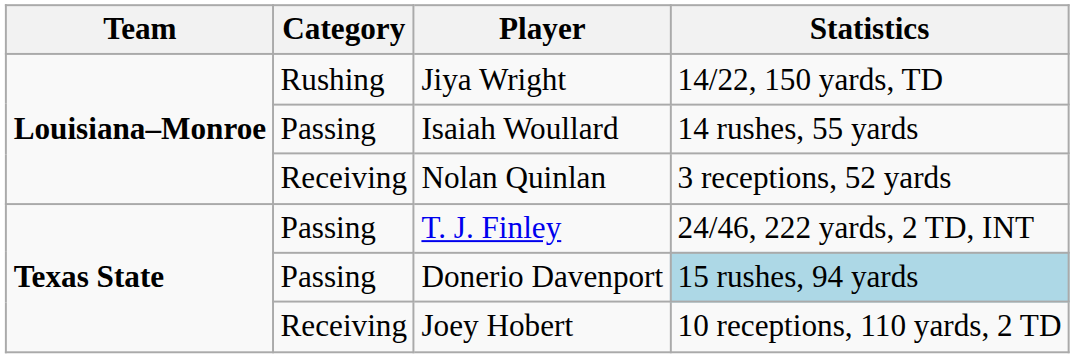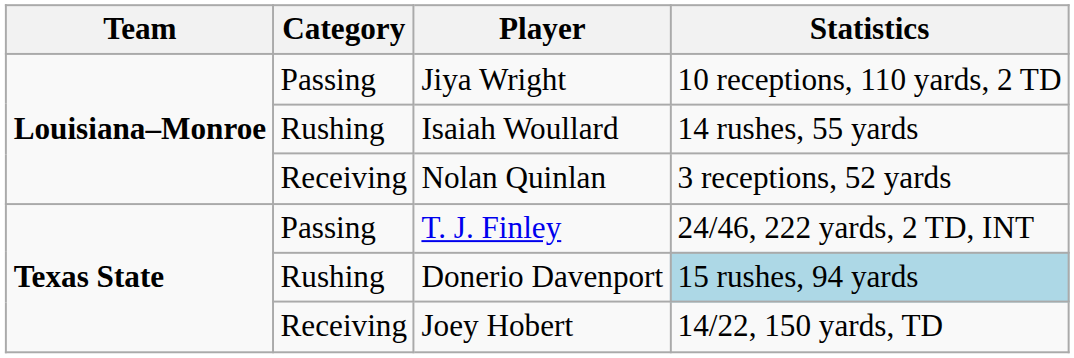 <table class="wikitable" style="float: right;">
 <tr>
 <th>Team</th>
 <th>Category</th>
 <th>Player</th>
 <th>Statistics</th>
 </tr>
 <tr>
 <td rowspan=3><strong>Louisiana–Monroe</strong></td>
-<td>Rushing</td>
+<td>Passing</td>
 <td>Jiya Wright</td>
-<td>14/22, 150 yards, TD</td>
+<td>10 receptions, 110 yards, 2 TD</td>
 </tr>
 <tr>
-<td>Passing</td>
+<td>Rushing</td>
 <td>Isaiah Woullard</td>
 <td>14 rushes, 55 yards</td>
 </tr>
 <tr>
 <td>Receiving</td>
 <td>Nolan Quinlan</td>
 <td>3 receptions, 52 yards</td>
 </tr>
 <tr>
 <td rowspan=3><strong>Texas State</strong></td>
 <td>Passing</td>
 <td><a href='#'>T. J. Finley</a></td>
 <td>24/46, 222 yards, 2 TD, INT</td>
 </tr>
 <tr>
-<td>Passing</td>
+<td>Rushing</td>
 <td>Donerio Davenport</td>
 <td style="background: lightblue;">15 rushes, 94 yards</td>
 </tr>
 <tr>
 <td>Receiving</td>
 <td>Joey Hobert</td>
-<td>10 receptions, 110 yards, 2 TD</td>
+<td>14/22, 150 yards, TD</td>
 </tr>
 </table>
